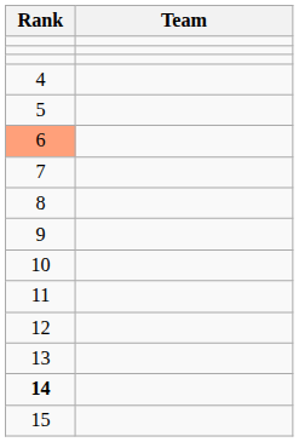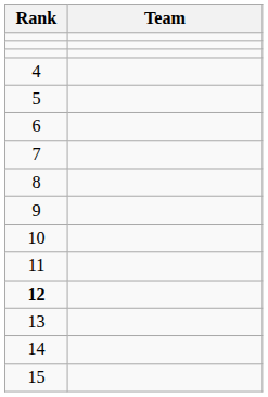 <table class="wikitable" style="text-align: center">
 <tr>
 <th width=50>Rank</th>
 <th width=170>Team</th>
 </tr>
 <tr>
 <td></td>
 <td align=left></td>
 </tr>
 <tr>
 <td></td>
 <td align=left></td>
 </tr>
 <tr>
 <td></td>
 <td align=left></td>
 </tr>
 <tr>
 <td>4</td>
 <td align=left></td>
 </tr>
 <tr>
 <td>5</td>
 <td align=left></td>
 </tr>
 <tr>
-<td style="background: lightsalmon;">6</td>
+<td>6</td>
 <td align=left></td>
 </tr>
 <tr>
 <td>7</td>
 <td align=left></td>
 </tr>
 <tr>
 <td>8</td>
 <td align=left></td>
 </tr>
 <tr>
 <td>9</td>
 <td align=left></td>
 </tr>
 <tr>
 <td>10</td>
 <td align=left></td>
 </tr>
 <tr>
 <td>11</td>
 <td align=left></td>
 </tr>
 <tr>
-<td>12</td>
+<td><strong>12</strong></td>
 <td align=left></td>
 </tr>
 <tr>
 <td>13</td>
 <td align=left></td>
 </tr>
 <tr>
-<td><strong>14</strong></td>
+<td>14</td>
 <td align=left></td>
 </tr>
 <tr>
 <td>15</td>
 <td align=left></td>
 </tr>
 </table>
